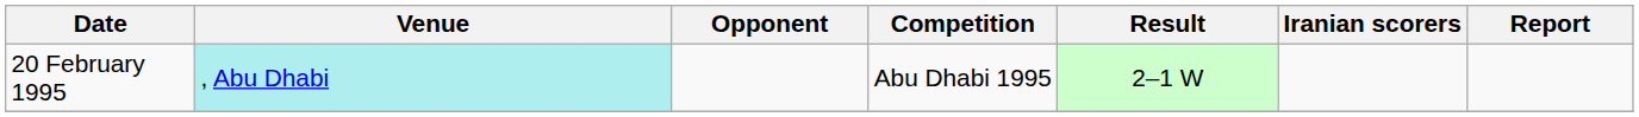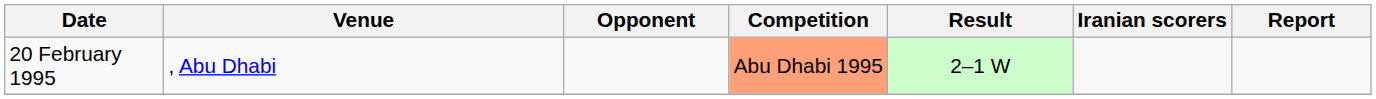 <table class="wikitable">
 <tr>
 <th width=115>Date</th>
 <th width=300>Venue</th>
 <th width=120>Opponent</th>
 <th>Competition</th>
 <th width=135>Result</th>
 <th>Iranian scorers</th>
 <th width=100>Report</th>
 </tr>
 <tr>
 <td>20 February 1995</td>
-<td style="background: paleturquoise;">, <a href='#'>Abu Dhabi</a></td>
+<td>, <a href='#'>Abu Dhabi</a></td>
 <td></td>
-<td>Abu Dhabi 1995</td>
+<td style="background: lightsalmon;">Abu Dhabi 1995</td>
 <td bgcolor=#ccffcc align=center>2–1 W</td>
 <td></td>
 <td align=center></td>
 </tr>
 <tr>
 </tr>
 </table>
